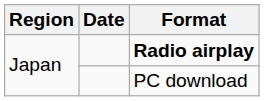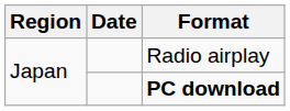 <table class="wikitable">
 <tr>
 <th>Region</th>
 <th>Date</th>
 <th>Format</th>
 </tr>
 <tr>
 <td rowspan="2">Japan</td>
 <td></td>
-<td><strong>Radio airplay</strong></td>
+<td>Radio airplay</td>
 </tr>
 <tr>
 <td></td>
-<td>PC download</td>
+<td><strong>PC download</strong></td>
 </tr>
 </table>
